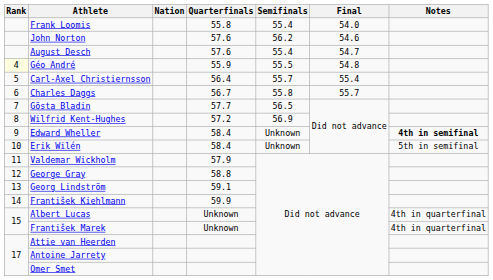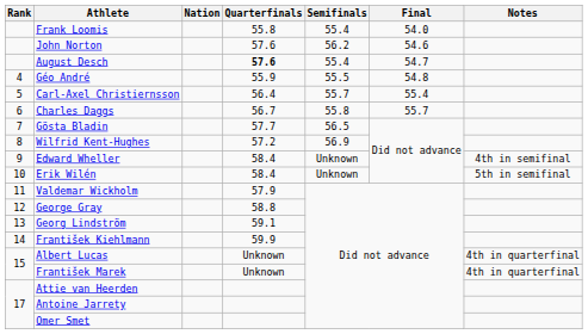 <table class="wikitable sortable" style="text-align:center">
 <tr>
 <th>Rank</th>
 <th>Athlete</th>
 <th>Nation</th>
 <th>Quarterfinals</th>
 <th>Semifinals</th>
 <th>Final</th>
 <th>Notes</th>
 </tr>
 <tr>
 <td></td>
 <td align=left><a href='#'>Frank Loomis</a></td>
 <td align=left></td>
 <td>55.8</td>
 <td>55.4</td>
 <td>54.0</td>
 <td></td>
 </tr>
 <tr>
 <td></td>
 <td align=left><a href='#'>John Norton</a></td>
 <td align=left></td>
 <td>57.6</td>
 <td>56.2</td>
 <td>54.6</td>
 <td></td>
 </tr>
 <tr>
 <td></td>
 <td align=left><a href='#'>August Desch</a></td>
 <td align=left></td>
-<td>57.6</td>
+<td><strong>57.6</strong></td>
 <td>55.4</td>
 <td>54.7</td>
 <td></td>
 </tr>
 <tr>
-<td style="background: lightyellow;">4</td>
+<td>4</td>
 <td align=left><a href='#'>Géo André</a></td>
 <td align=left></td>
 <td>55.9</td>
 <td>55.5</td>
 <td>54.8</td>
 <td></td>
 </tr>
 <tr>
 <td>5</td>
 <td align=left><a href='#'>Carl-Axel Christiernsson</a></td>
 <td align=left></td>
 <td>56.4</td>
 <td>55.7</td>
 <td>55.4</td>
 <td></td>
 </tr>
 <tr>
 <td>6</td>
 <td align=left><a href='#'>Charles Daggs</a></td>
 <td align=left></td>
 <td>56.7</td>
 <td>55.8</td>
 <td>55.7</td>
 <td></td>
 </tr>
 <tr>
 <td>7</td>
 <td align=left><a href='#'>Gösta Bladin</a></td>
 <td align=left></td>
 <td>57.7</td>
 <td>56.5</td>
 <td rowspan=4 data-sort-value=99.9>Did not advance</td>
 <td></td>
 </tr>
 <tr>
 <td>8</td>
 <td align=left><a href='#'>Wilfrid Kent-Hughes</a></td>
 <td align=left></td>
 <td>57.2</td>
 <td>56.9</td>
 <td></td>
 </tr>
 <tr>
 <td>9</td>
 <td align=left><a href='#'>Edward Wheller</a></td>
 <td align=left></td>
 <td>58.4</td>
 <td data-sort-value=70.0>Unknown</td>
-<td><strong>4th in semifinal</strong></td>
+<td>4th in semifinal</td>
 </tr>
 <tr>
 <td>10</td>
 <td align=left><a href='#'>Erik Wilén</a></td>
 <td align=left></td>
 <td>58.4</td>
 <td data-sort-value=80.0>Unknown</td>
 <td>5th in semifinal</td>
 </tr>
 <tr>
 <td>11</td>
 <td align=left><a href='#'>Valdemar Wickholm</a></td>
 <td align=left></td>
 <td>57.9</td>
 <td rowspan=9 colspan=2 data-sort-value=99.9>Did not advance</td>
 <td></td>
 </tr>
 <tr>
 <td>12</td>
 <td align=left><a href='#'>George Gray</a></td>
 <td align=left></td>
 <td>58.8</td>
 <td></td>
 </tr>
 <tr>
 <td>13</td>
 <td align=left><a href='#'>Georg Lindström</a></td>
 <td align=left></td>
 <td>59.1</td>
 <td></td>
 </tr>
 <tr>
 <td>14</td>
 <td align=left><a href='#'>František Kiehlmann</a></td>
 <td align=left></td>
 <td>59.9</td>
 <td></td>
 </tr>
 <tr>
 <td rowspan=2>15</td>
 <td align=left><a href='#'>Albert Lucas</a></td>
 <td align=left></td>
 <td data-sort-value=70.0>Unknown</td>
 <td>4th in quarterfinal</td>
 </tr>
 <tr>
 <td align=left><a href='#'>František Marek</a></td>
 <td align=left></td>
 <td data-sort-value=70.0>Unknown</td>
 <td>4th in quarterfinal</td>
 </tr>
 <tr>
 <td rowspan=3>17</td>
 <td align=left><a href='#'>Attie van Heerden</a></td>
 <td align=left></td>
 <td data-sort-value=90.0></td>
 <td></td>
 </tr>
 <tr>
 <td align=left><a href='#'>Antoine Jarrety</a></td>
 <td align=left></td>
 <td data-sort-value=90.0></td>
 <td></td>
 </tr>
 <tr>
 <td align=left><a href='#'>Omer Smet</a></td>
 <td align=left></td>
 <td data-sort-value=90.0></td>
 <td></td>
 </tr>
 </table>
